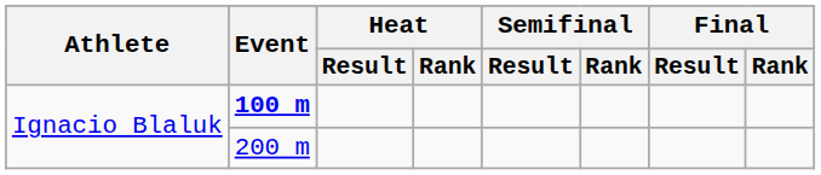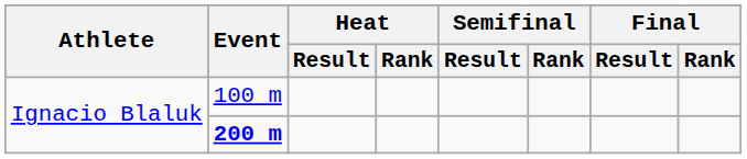 <table class="wikitable" style="font-size:90%">
 <tr>
 <th rowspan="2">Athlete</th>
 <th rowspan="2">Event</th>
 <th colspan="2">Heat</th>
 <th colspan="2">Semifinal</th>
 <th colspan="2">Final</th>
 </tr>
 <tr style="font-size:95%">
 <th>Result</th>
 <th>Rank</th>
 <th>Result</th>
 <th>Rank</th>
 <th>Result</th>
 <th>Rank</th>
 </tr>
 <tr style=text-align:center>
 <td style=text-align:left rowspan=2><a href='#'>Ignacio Blaluk</a></td>
-<td style=text-align:left><strong><a href='#'>100 m</a></strong></td>
+<td style=text-align:left><a href='#'>100 m</a></td>
 <td></td>
 <td></td>
 <td></td>
 <td></td>
 <td></td>
 <td></td>
 </tr>
 <tr style=text-align:center>
-<td style=text-align:left><a href='#'>200 m</a></td>
+<td style=text-align:left><strong><a href='#'>200 m</a></strong></td>
 <td></td>
 <td></td>
 <td></td>
 <td></td>
 <td></td>
 <td></td>
 </tr>
 </table>
